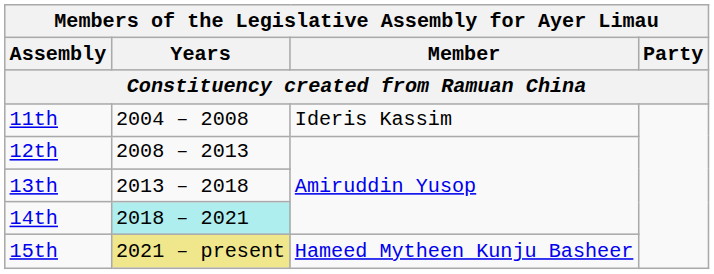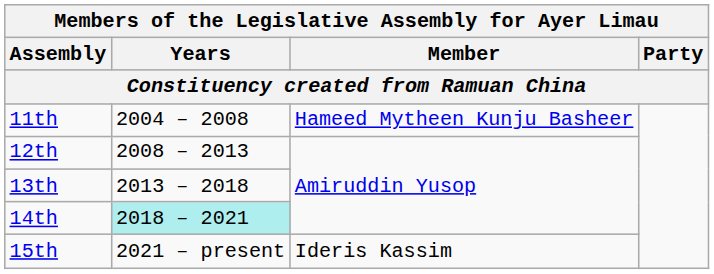 <table class=wikitable>
 <tr>
 <th colspan=4>Members of the Legislative Assembly for Ayer Limau</th>
 </tr>
 <tr>
 <th>Assembly</th>
 <th>Years</th>
 <th>Member</th>
 <th>Party</th>
 </tr>
 <tr>
 <th colspan=4 align=center><em>Constituency created from Ramuan China</em></th>
 </tr>
 <tr>
 <td><a href='#'>11th</a></td>
 <td>2004 – 2008</td>
-<td>Ideris Kassim</td>
+<td><a href='#'>Hameed Mytheen Kunju Basheer</a></td>
 <td rowspan="5"></td>
 </tr>
 <tr>
 <td><a href='#'>12th</a></td>
 <td>2008 – 2013</td>
 <td rowspan="3"><a href='#'>Amiruddin Yusop</a></td>
 </tr>
 <tr>
 <td><a href='#'>13th</a></td>
 <td>2013 – 2018</td>
 </tr>
 <tr>
 <td><a href='#'>14th</a></td>
 <td style="background: paleturquoise;">2018 – 2021</td>
 </tr>
 <tr>
 <td><a href='#'>15th</a></td>
-<td style="background: khaki;">2021 – present</td>
-<td><a href='#'>Hameed Mytheen Kunju Basheer</a></td>
+<td>2021 – present</td>
+<td>Ideris Kassim</td>
 </tr>
 </table>
